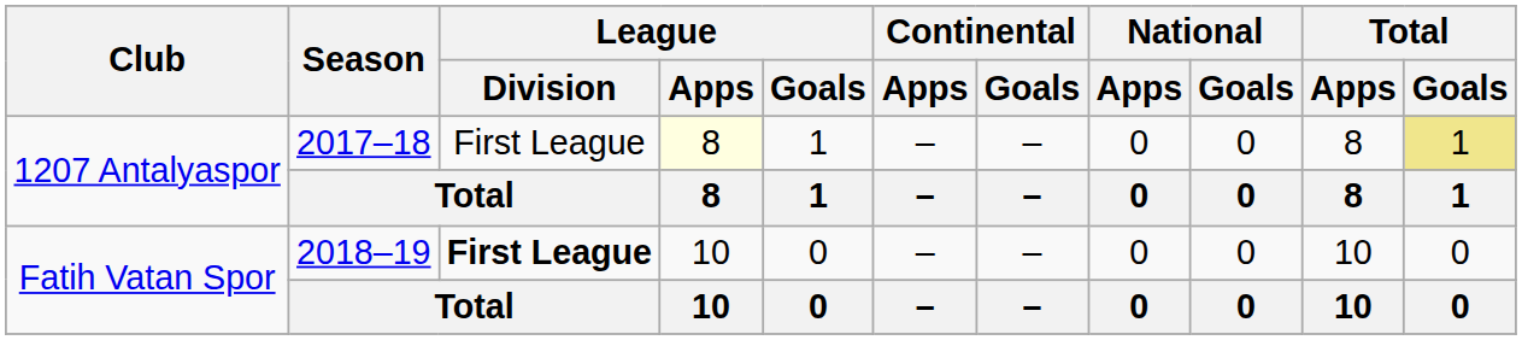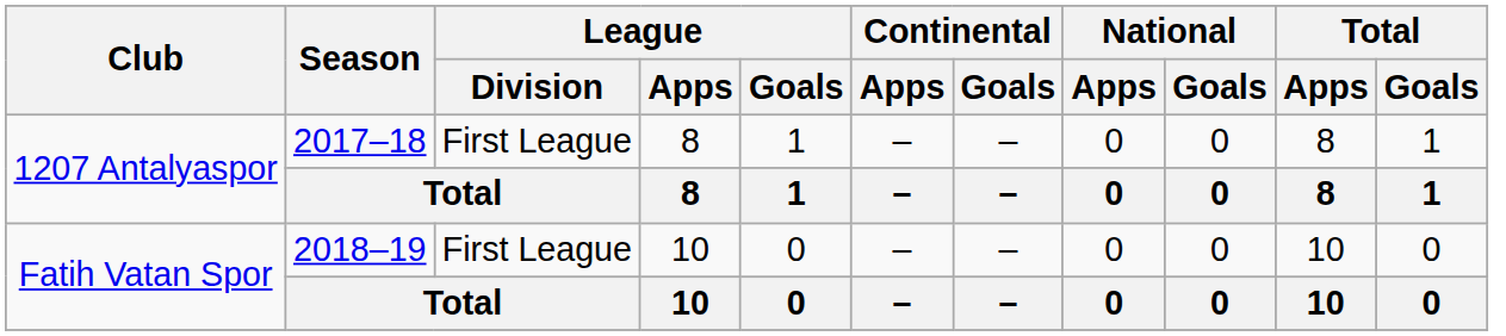 <table class="wikitable" style="text-align: center;">
 <tr>
 <th rowspan=2>Club</th>
 <th rowspan=2>Season</th>
 <th colspan=3>League</th>
 <th colspan=2>Continental</th>
 <th colspan=2>National</th>
 <th colspan=2>Total</th>
 </tr>
 <tr>
 <th>Division</th>
 <th>Apps</th>
 <th>Goals</th>
 <th>Apps</th>
 <th>Goals</th>
 <th>Apps</th>
 <th>Goals</th>
 <th>Apps</th>
 <th>Goals</th>
 </tr>
 <tr>
 <td rowspan=2><a href='#'>1207 Antalyaspor</a></td>
 <td><a href='#'>2017–18</a></td>
 <td>First League</td>
-<td style="background: lightyellow;">8</td>
+<td>8</td>
 <td>1</td>
 <td>–</td>
 <td>–</td>
 <td>0</td>
 <td>0</td>
 <td>8</td>
-<td style="background: khaki;">1</td>
+<td>1</td>
 </tr>
 <tr>
 <th colspan=2>Total</th>
 <th>8</th>
 <th>1</th>
 <th>–</th>
 <th>–</th>
 <th>0</th>
 <th>0</th>
 <th>8</th>
 <th>1</th>
 </tr>
 <tr>
 <td rowspan=2><a href='#'>Fatih Vatan Spor</a></td>
 <td><a href='#'>2018–19</a></td>
-<td><strong>First League</strong></td>
+<td>First League</td>
 <td>10</td>
 <td>0</td>
 <td>–</td>
 <td>–</td>
 <td>0</td>
 <td>0</td>
 <td>10</td>
 <td>0</td>
 </tr>
 <tr>
 <th colspan=2>Total</th>
 <th>10</th>
 <th>0</th>
 <th>–</th>
 <th>–</th>
 <th>0</th>
 <th>0</th>
 <th>10</th>
 <th>0</th>
 </tr>
 </table>
